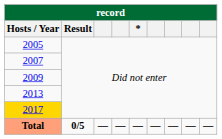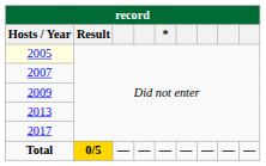 <table class="wikitable mw-collapsible" style="text-align: center;font-size:100%;">
 <tr>
 <th colspan="9" style="background: #006C35; color: white;"><a href='#'></a> record</th>
 </tr>
 <tr>
 <th>Hosts / Year</th>
 <th>Result</th>
 <th width=20></th>
 <th width=20></th>
 <th width=20>*</th>
 <th width=20></th>
 <th width=20></th>
 <th width=20></th>
 <th width=20></th>
 </tr>
 <tr>
-<td> <a href='#'>2005</a></td>
+<td style="background: lightyellow;"> <a href='#'>2005</a></td>
 <td colspan=8 rowspan=5><em>Did not enter</em></td>
 </tr>
 <tr>
 <td> <a href='#'>2007</a></td>
 </tr>
 <tr>
 <td> <a href='#'>2009</a></td>
 </tr>
 <tr>
 <td> <a href='#'>2013</a></td>
 </tr>
 <tr>
-<td style="background: gold;"> <a href='#'>2017</a></td>
+<td> <a href='#'>2017</a></td>
 </tr>
 <tr>
-<td style="background: lightsalmon;"><strong>Total</strong></td>
-<td><strong>0/5</strong></td>
+<td><strong>Total</strong></td>
+<td style="background: gold;"><strong>0/5</strong></td>
 <td><strong>—</strong></td>
 <td><strong>—</strong></td>
 <td><strong>—</strong></td>
 <td><strong>—</strong></td>
 <td><strong>—</strong></td>
 <td><strong>—</strong></td>
 <td><strong>—</strong></td>
 </tr>
 </table>
